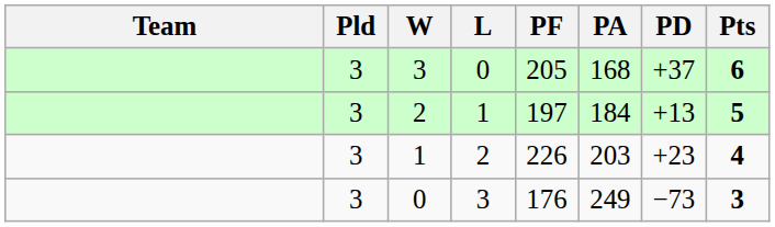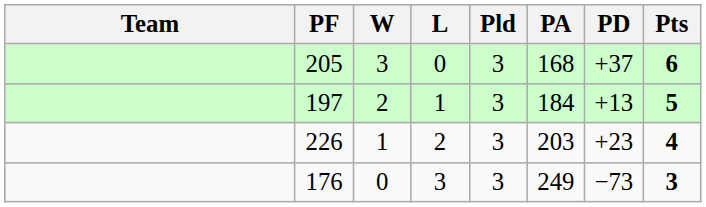 <table class=wikitable style="text-align:center">
 <tr>
 <th width=180>Team</th>
-<th width=30>Pld</th>
+<th width=30>PF</th>
 <th width=30>W</th>
 <th width=30>L</th>
-<th width=30>PF</th>
+<th width=30>Pld</th>
 <th width=30>PA</th>
 <th width=30>PD</th>
 <th width=30>Pts</th>
 </tr>
 <tr bgcolor="#ccffcc">
 <td align="left"></td>
-<td>3</td>
+<td>205</td>
 <td>3</td>
 <td>0</td>
-<td>205</td>
+<td>3</td>
 <td>168</td>
 <td>+37</td>
 <td><strong>6</strong></td>
 </tr>
 <tr bgcolor="#ccffcc">
 <td align="left"></td>
-<td>3</td>
+<td>197</td>
 <td>2</td>
 <td>1</td>
-<td>197</td>
+<td>3</td>
 <td>184</td>
 <td>+13</td>
 <td><strong>5</strong></td>
 </tr>
 <tr>
 <td align="left"></td>
-<td>3</td>
+<td>226</td>
 <td>1</td>
 <td>2</td>
-<td>226</td>
+<td>3</td>
 <td>203</td>
 <td>+23</td>
 <td><strong>4</strong></td>
 </tr>
 <tr>
 <td align="left"></td>
-<td>3</td>
+<td>176</td>
 <td>0</td>
 <td>3</td>
-<td>176</td>
+<td>3</td>
 <td>249</td>
 <td>−73</td>
 <td><strong>3</strong></td>
 </tr>
 </table>
